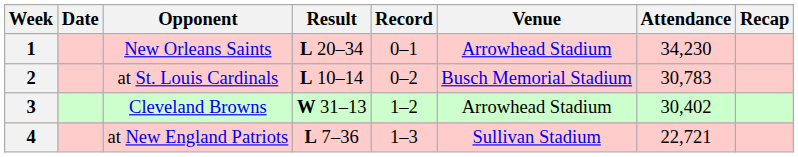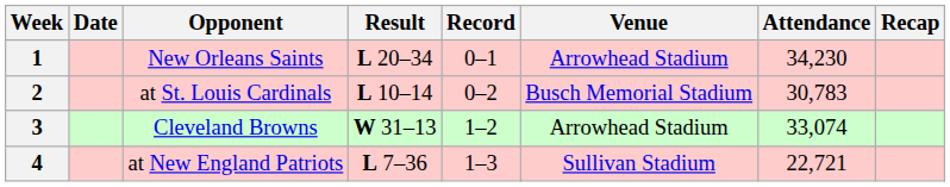 <table class="wikitable" style="text-align:center">
 <tr>
 <th>Week</th>
 <th>Date</th>
 <th>Opponent</th>
 <th>Result</th>
 <th>Record</th>
 <th>Venue</th>
 <th>Attendance</th>
 <th>Recap</th>
 </tr>
 <tr style="background:#fcc">
 <th>1</th>
 <td></td>
 <td><a href='#'>New Orleans Saints</a></td>
 <td><strong>L</strong> 20–34</td>
 <td>0–1</td>
 <td><a href='#'>Arrowhead Stadium</a></td>
 <td>34,230</td>
 <td></td>
 </tr>
 <tr style="background:#fcc">
 <th>2</th>
 <td></td>
 <td>at <a href='#'>St. Louis Cardinals</a></td>
 <td><strong>L</strong> 10–14</td>
 <td>0–2</td>
 <td><a href='#'>Busch Memorial Stadium</a></td>
 <td>30,783</td>
 <td></td>
 </tr>
 <tr style="background:#cfc">
 <th>3</th>
 <td></td>
 <td><a href='#'>Cleveland Browns</a></td>
 <td><strong>W</strong> 31–13</td>
 <td>1–2</td>
 <td>Arrowhead Stadium</td>
-<td>30,402</td>
+<td>33,074</td>
 <td></td>
 </tr>
 <tr style="background:#fcc">
 <th>4</th>
 <td></td>
 <td>at <a href='#'>New England Patriots</a></td>
 <td><strong>L</strong> 7–36</td>
 <td>1–3</td>
 <td><a href='#'>Sullivan Stadium</a></td>
 <td>22,721</td>
 <td></td>
 </tr>
 </table>
